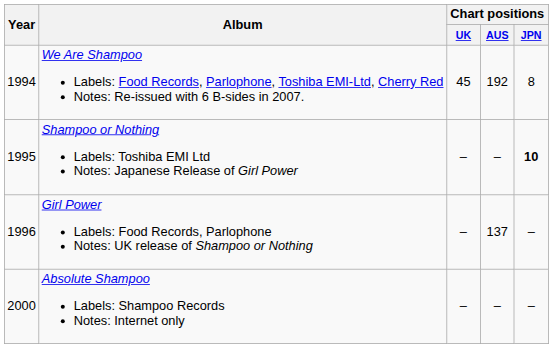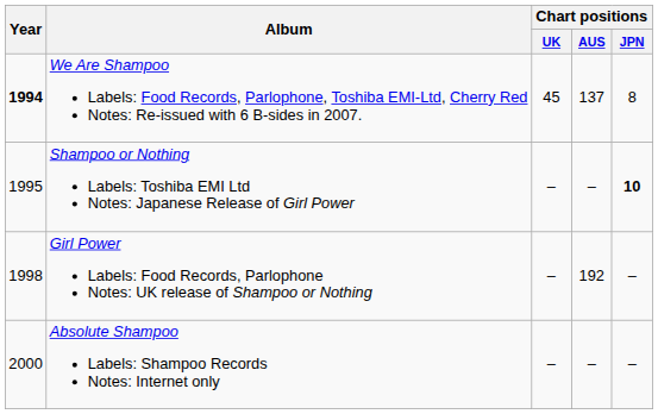 <table class="wikitable">
 <tr>
 <th rowspan="2">Year</th>
 <th rowspan="2">Album</th>
 <th colspan="3">Chart positions</th>
 </tr>
 <tr>
 <th width="35"><small><a href='#'>UK</a></small><br></th>
 <th width="35"><small><a href='#'>AUS</a></small><br></th>
 <th width="35"><small><a href='#'>JPN</a></small></th>
 </tr>
 <tr>
-<td>1994</td>
+<td><strong>1994</strong></td>
 <td><em><a href='#'>We Are Shampoo</a></em><br><ul><li>Labels: <a href='#'>Food Records</a>, <a href='#'>Parlophone</a>, <a href='#'>Toshiba EMI-Ltd</a>, <a href='#'>Cherry Red</a></li><li>Notes: Re-issued with 6 B-sides in 2007.</li></ul></td>
 <td align=center>45</td>
-<td align=center>192</td>
+<td align=center>137</td>
 <td align=center>8</td>
 </tr>
 <tr>
 <td>1995</td>
 <td><em><a href='#'>Shampoo or Nothing</a></em><br><ul><li>Labels: Toshiba EMI Ltd</li><li>Notes: Japanese Release of <em>Girl Power</em></li></ul></td>
 <td align=center>–</td>
 <td align=center>–</td>
 <td align=center><strong>10</strong></td>
 </tr>
 <tr>
-<td>1996</td>
+<td>1998</td>
 <td><em><a href='#'>Girl Power</a></em><br><ul><li>Labels: Food Records, Parlophone</li><li>Notes: UK release of <em>Shampoo or Nothing</em></li></ul></td>
 <td align=center>–</td>
-<td align=center>137</td>
+<td align=center>192</td>
 <td align=center>–</td>
 </tr>
 <tr>
 <td>2000</td>
 <td><em><a href='#'>Absolute Shampoo</a></em><br><ul><li>Labels: Shampoo Records</li><li>Notes: Internet only</li></ul></td>
 <td align=center>–</td>
 <td align=center>–</td>
 <td align=center>–</td>
 </tr>
 </table>
